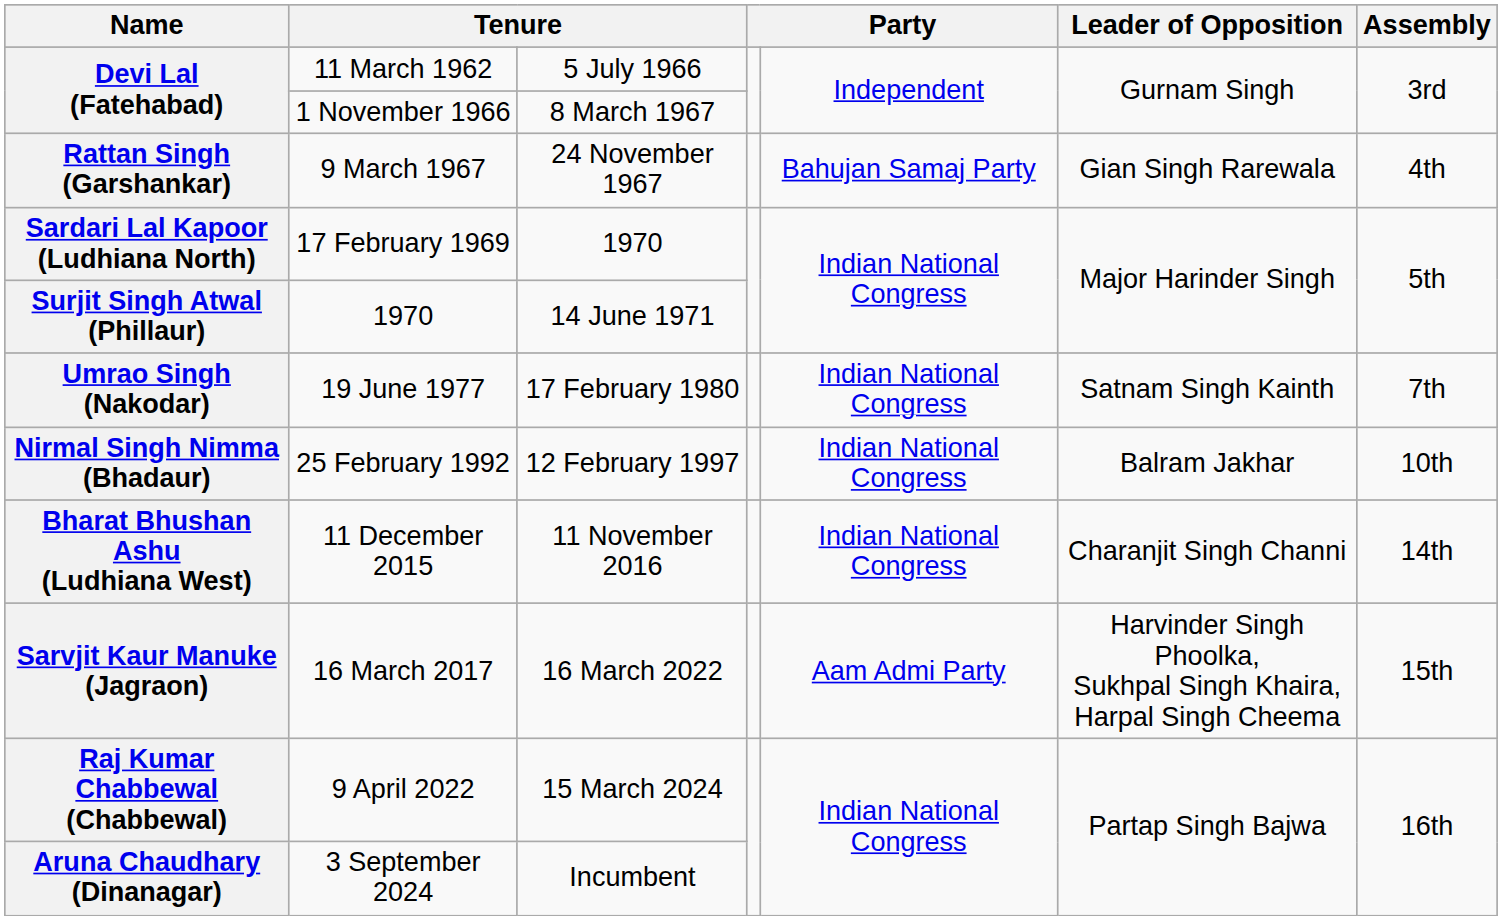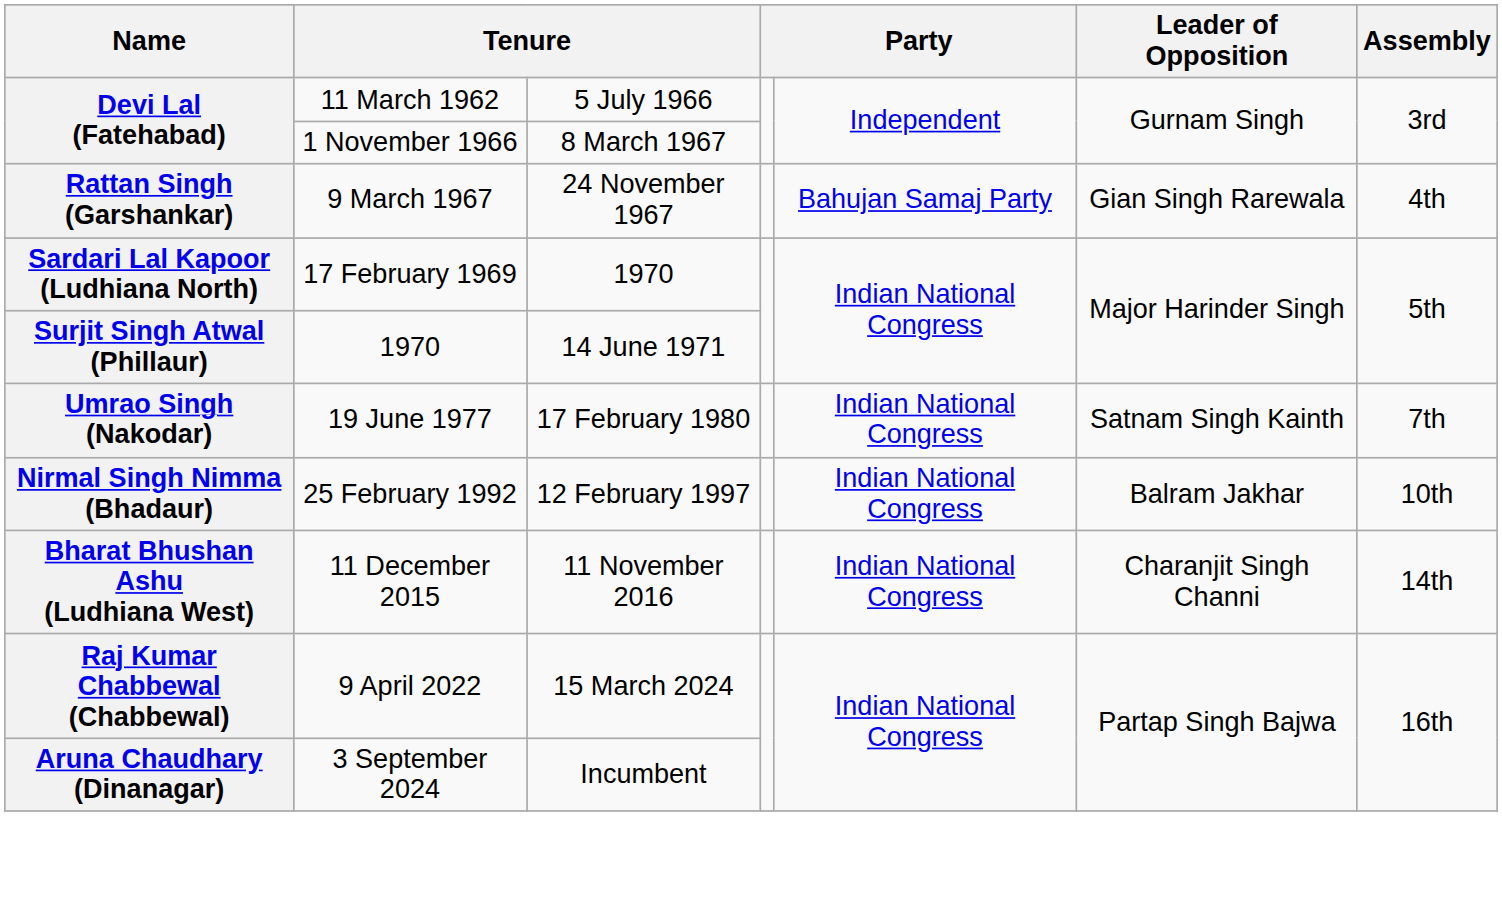 <table class="wikitable" style="width:100%; text-align:center">
 <tr>
 <th>Name<br></th>
 <th colspan=2>Tenure</th>
 <th colspan=2>Party</th>
 <th>Leader of Opposition</th>
 <th>Assembly</th>
 </tr>
 <tr>
 <th rowspan=2><a href='#'>Devi Lal</a><br>(Fatehabad)</th>
 <td>11 March 1962</td>
 <td>5 July 1966</td>
 <td rowspan=2 style="background-color: "></td>
 <td rowspan=2><a href='#'>Independent</a></td>
 <td rowspan=2>Gurnam Singh</td>
 <td rowspan=2>3rd</td>
 </tr>
 <tr>
 <td>1 November 1966</td>
 <td>8 March 1967</td>
 </tr>
 <tr>
 <th><a href='#'>Rattan Singh</a><br>(Garshankar)</th>
 <td>9 March 1967</td>
 <td>24 November 1967</td>
 <td style="background-color: "></td>
 <td><a href='#'>Bahujan Samaj Party</a></td>
 <td>Gian Singh Rarewala</td>
 <td>4th</td>
 </tr>
 <tr>
 <th><a href='#'>Sardari Lal Kapoor</a><br>(Ludhiana North)</th>
 <td>17 February 1969</td>
 <td>1970</td>
 <td rowspan=2 style="background-color: "></td>
 <td rowspan=2><a href='#'>Indian National Congress</a></td>
 <td rowspan=2>Major Harinder Singh</td>
 <td rowspan=2>5th</td>
 </tr>
 <tr>
 <th><a href='#'>Surjit Singh Atwal</a><br>(Phillaur)</th>
 <td>1970</td>
 <td>14 June 1971</td>
 </tr>
 <tr>
 <th><a href='#'>Umrao Singh</a><br>(Nakodar)</th>
 <td>19 June 1977</td>
 <td>17 February 1980</td>
 <td style="background-color: "></td>
 <td><a href='#'>Indian National Congress</a></td>
 <td>Satnam Singh Kainth</td>
 <td>7th</td>
 </tr>
 <tr>
 <th><a href='#'>Nirmal Singh Nimma</a><br>(Bhadaur)</th>
 <td>25 February 1992</td>
 <td>12 February 1997</td>
 <td style="background-color: "></td>
 <td><a href='#'>Indian National Congress</a></td>
 <td>Balram Jakhar</td>
 <td>10th</td>
 </tr>
 <tr>
 <th><a href='#'>Bharat Bhushan Ashu</a><br>(Ludhiana West)</th>
 <td>11 December 2015</td>
 <td>11 November 2016</td>
 <td style="background-color: "></td>
 <td><a href='#'>Indian National Congress</a></td>
 <td>Charanjit Singh Channi</td>
 <td>14th</td>
 </tr>
 <tr>
-<th><a href='#'>Sarvjit Kaur Manuke</a><br>(Jagraon)</th>
-<td>16 March 2017</td>
-<td>16 March 2022</td>
-<td style="background-color: "></td>
-<td><a href='#'>Aam Admi Party</a></td>
-<td>Harvinder Singh Phoolka,<br>Sukhpal Singh Khaira,<br>Harpal Singh Cheema</td>
-<td>15th</td>
-</tr>
-<tr>
 <th><a href='#'>Raj Kumar Chabbewal</a> <br>(Chabbewal)</th>
 <td>9 April 2022</td>
 <td>15 March 2024</td>
 <td rowspan=2 style="background-color: "></td>
 <td rowspan=2><a href='#'>Indian National Congress</a></td>
 <td rowspan=2>Partap Singh Bajwa</td>
 <td rowspan=2>16th</td>
 </tr>
 <tr>
 <th><a href='#'>Aruna Chaudhary</a><br>(Dinanagar)</th>
 <td>3 September 2024</td>
 <td>Incumbent</td>
 </tr>
 </table>
